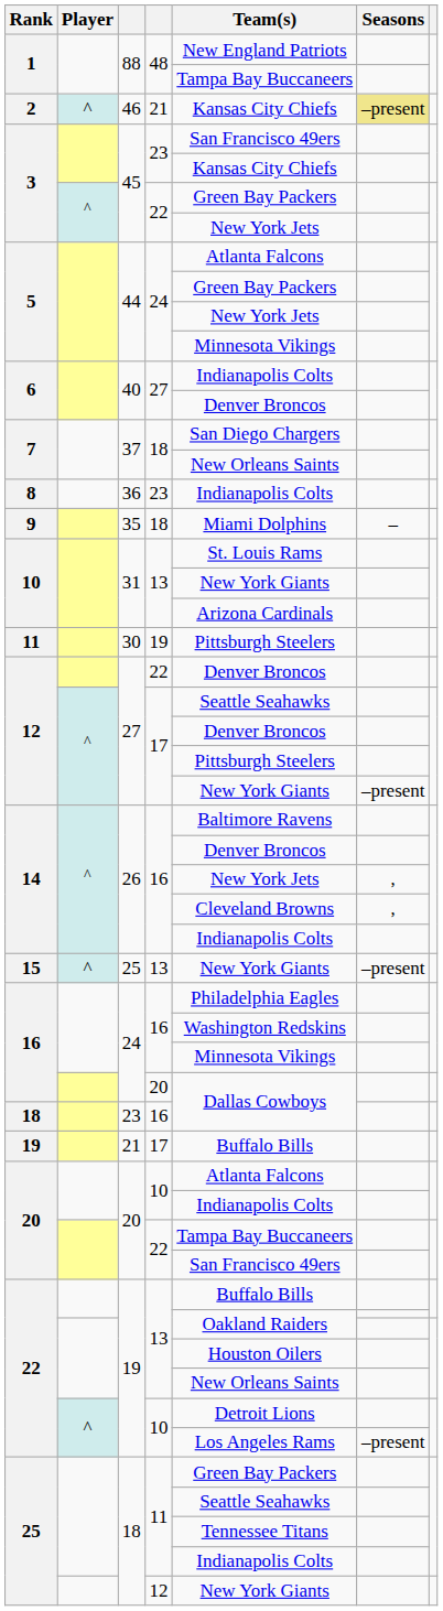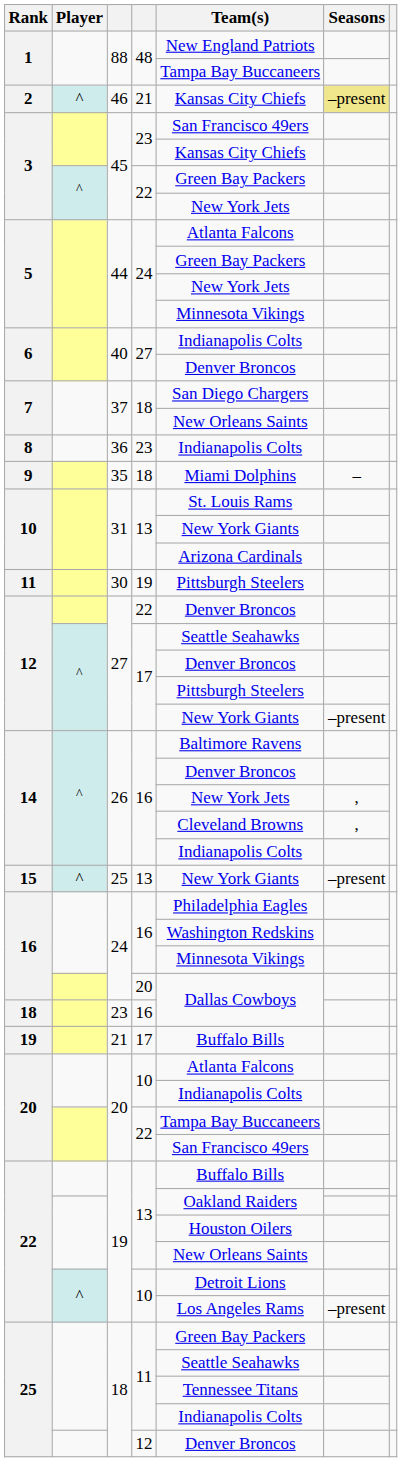 <table class="wikitable sortable" style="text-align:center;">
 <tr>
 <th scope=col>Rank</th>
 <th scope=col>Player</th>
 <th scope=col></th>
 <th scope=col></th>
 <th scope=col>Team(s)</th>
 <th scope=col>Seasons</th>
 <th scope=col class="unsortable"></th>
 </tr>
 <tr>
 <th scope="rowgroup" rowspan="2">1</th>
 <td rowspan="2"></td>
 <td rowspan="2">88</td>
 <td rowspan="2">48</td>
 <td><a href='#'>New England Patriots</a></td>
 <td></td>
 <td rowspan="2"></td>
 </tr>
 <tr>
 <td><a href='#'>Tampa Bay Buccaneers</a></td>
 <td></td>
 </tr>
 <tr>
 <th scope=row>2</th>
 <td style="background:#cfecec;">^</td>
 <td>46</td>
 <td>21</td>
 <td><a href='#'>Kansas City Chiefs</a></td>
 <td style="background: khaki;">–present</td>
 <td></td>
 </tr>
 <tr>
 <th scope=rowgroup rowspan=4>3</th>
 <td rowspan="2" style="background:#FFFF99;"></td>
 <td rowspan=4>45</td>
 <td rowspan="2">23</td>
 <td><a href='#'>San Francisco 49ers</a></td>
 <td></td>
 <td rowspan="2"></td>
 </tr>
 <tr>
 <td><a href='#'>Kansas City Chiefs</a></td>
 <td></td>
 </tr>
 <tr>
 <td rowspan="2" style="background:#cfecec;"><sup>^</sup></td>
 <td rowspan="2">22</td>
 <td><a href='#'>Green Bay Packers</a></td>
 <td></td>
 <td rowspan="2"></td>
 </tr>
 <tr>
 <td><a href='#'>New York Jets</a></td>
 <td></td>
 </tr>
 <tr>
 <th scope="rowgroup" rowspan=4>5</th>
 <td rowspan=4 style="background:#FFFF99;"></td>
 <td rowspan=4>44</td>
 <td rowspan="4">24</td>
 <td><a href='#'>Atlanta Falcons</a></td>
 <td></td>
 <td rowspan="4"></td>
 </tr>
 <tr>
 <td><a href='#'>Green Bay Packers</a></td>
 <td></td>
 </tr>
 <tr>
 <td><a href='#'>New York Jets</a></td>
 <td></td>
 </tr>
 <tr>
 <td><a href='#'>Minnesota Vikings</a></td>
 <td></td>
 </tr>
 <tr>
 <th scope="rowgroup" rowspan="2">6</th>
 <td rowspan="2" style="background:#FFFF99;"></td>
 <td rowspan="2">40</td>
 <td rowspan="2">27</td>
 <td><a href='#'>Indianapolis Colts</a></td>
 <td></td>
 <td rowspan="2"></td>
 </tr>
 <tr>
 <td><a href='#'>Denver Broncos</a></td>
 <td></td>
 </tr>
 <tr>
 <th scope="rowgroup" rowspan="2">7</th>
 <td rowspan="2"></td>
 <td rowspan="2">37</td>
 <td rowspan="2">18</td>
 <td><a href='#'>San Diego Chargers</a></td>
 <td></td>
 <td rowspan="2"></td>
 </tr>
 <tr>
 <td><a href='#'>New Orleans Saints</a></td>
 <td></td>
 </tr>
 <tr>
 <th scope="row">8</th>
 <td></td>
 <td>36</td>
 <td>23</td>
 <td><a href='#'>Indianapolis Colts</a></td>
 <td></td>
 <td></td>
 </tr>
 <tr>
 <th scope="row">9</th>
 <td style="background:#FFFF99;"></td>
 <td>35</td>
 <td>18</td>
 <td><a href='#'>Miami Dolphins</a></td>
 <td>–</td>
 <td></td>
 </tr>
 <tr>
 <th scope="rowgroup" rowspan="3">10</th>
 <td style="background:#FFFF99;" rowspan="3"></td>
 <td rowspan="3">31</td>
 <td rowspan="3">13</td>
 <td><a href='#'>St. Louis Rams</a></td>
 <td></td>
 <td rowspan="3"></td>
 </tr>
 <tr>
 <td><a href='#'>New York Giants</a></td>
 <td></td>
 </tr>
 <tr>
 <td><a href='#'>Arizona Cardinals</a></td>
 <td></td>
 </tr>
 <tr>
 <th scope="row">11</th>
 <td style="background:#FFFF99;"></td>
 <td>30</td>
 <td>19</td>
 <td><a href='#'>Pittsburgh Steelers</a></td>
 <td></td>
 <td></td>
 </tr>
 <tr>
 <th scope=rowgroup rowspan=5>12</th>
 <td style="background:#FFFF99;"></td>
 <td rowspan=5>27</td>
 <td>22</td>
 <td><a href='#'>Denver Broncos</a></td>
 <td></td>
 <td></td>
 </tr>
 <tr>
 <td rowspan=4 style="background:#cfecec;"><sup>^</sup></td>
 <td rowspan=4>17</td>
 <td><a href='#'>Seattle Seahawks</a></td>
 <td></td>
 <td rowspan=4></td>
 </tr>
 <tr>
 <td><a href='#'>Denver Broncos</a></td>
 <td></td>
 </tr>
 <tr>
 <td><a href='#'>Pittsburgh Steelers</a></td>
 <td></td>
 </tr>
 <tr>
 <td><a href='#'>New York Giants</a></td>
 <td>–present</td>
 </tr>
 <tr>
 <th scope="rowgroup" rowspan="5">14</th>
 <td rowspan="5" style="background:#cfecec;"><sup>^</sup></td>
 <td rowspan="5">26</td>
 <td rowspan="5">16</td>
 <td><a href='#'>Baltimore Ravens</a></td>
 <td></td>
 <td rowspan="5"></td>
 </tr>
 <tr>
 <td><a href='#'>Denver Broncos</a></td>
 <td></td>
 </tr>
 <tr>
 <td><a href='#'>New York Jets</a></td>
 <td>, </td>
 </tr>
 <tr>
 <td><a href='#'>Cleveland Browns</a></td>
 <td>, </td>
 </tr>
 <tr>
 <td><a href='#'>Indianapolis Colts</a></td>
 <td></td>
 </tr>
 <tr>
 <th scope=row>15</th>
 <td style="background:#cfecec;">^</td>
 <td>25</td>
 <td>13</td>
 <td><a href='#'>New York Giants</a></td>
 <td>–present</td>
 <td></td>
 </tr>
 <tr>
 <th scope="rowgroup" rowspan="4">16</th>
 <td rowspan="3"></td>
 <td rowspan=4>24</td>
 <td rowspan=3>16</td>
 <td><a href='#'>Philadelphia Eagles</a></td>
 <td></td>
 <td rowspan="3"></td>
 </tr>
 <tr>
 <td><a href='#'>Washington Redskins</a></td>
 <td></td>
 </tr>
 <tr>
 <td><a href='#'>Minnesota Vikings</a></td>
 <td></td>
 </tr>
 <tr>
 <td style="background:#FFFF99;"></td>
 <td>20</td>
 <td rowspan=2><a href='#'>Dallas Cowboys</a></td>
 <td></td>
 <td></td>
 </tr>
 <tr>
 <th scope=row>18</th>
 <td style="background:#FFFF99;"></td>
 <td>23</td>
 <td>16</td>
 <td></td>
 <td></td>
 </tr>
 <tr>
 <th scope=row>19</th>
 <td style="background:#FFFF99;"></td>
 <td>21</td>
 <td>17</td>
 <td><a href='#'>Buffalo Bills</a></td>
 <td></td>
 <td></td>
 </tr>
 <tr>
 <th scope=rowgroup rowspan="4">20</th>
 <td rowspan="2"></td>
 <td rowspan="4">20</td>
 <td rowspan="2">10</td>
 <td><a href='#'>Atlanta Falcons</a></td>
 <td></td>
 <td rowspan="2"></td>
 </tr>
 <tr>
 <td><a href='#'>Indianapolis Colts</a></td>
 <td></td>
 </tr>
 <tr>
 <td rowspan="2" style="background:#FFFF99;"></td>
 <td rowspan="2">22</td>
 <td><a href='#'>Tampa Bay Buccaneers</a></td>
 <td></td>
 <td rowspan="2"></td>
 </tr>
 <tr>
 <td><a href='#'>San Francisco 49ers</a></td>
 <td></td>
 </tr>
 <tr>
 <th scope="rowgroup" rowspan=7>22</th>
 <td rowspan="2"></td>
 <td rowspan="7">19</td>
 <td rowspan="5">13</td>
 <td><a href='#'>Buffalo Bills</a></td>
 <td></td>
 <td rowspan="2"></td>
 </tr>
 <tr>
 <td rowspan=2><a href='#'>Oakland Raiders</a></td>
 <td></td>
 </tr>
 <tr>
 <td rowspan="3"></td>
 <td></td>
 <td rowspan="3"></td>
 </tr>
 <tr>
 <td><a href='#'>Houston Oilers</a></td>
 <td></td>
 </tr>
 <tr>
 <td><a href='#'>New Orleans Saints</a></td>
 <td></td>
 </tr>
 <tr>
 <td rowspan=2 style="background:#cfecec;">^</td>
 <td rowspan=2>10</td>
 <td><a href='#'>Detroit Lions</a></td>
 <td></td>
 <td rowspan=2></td>
 </tr>
 <tr>
 <td><a href='#'>Los Angeles Rams</a></td>
 <td>–present</td>
 </tr>
 <tr>
 <th scope="rowgroup" rowspan="5">25</th>
 <td rowspan="4"></td>
 <td rowspan="5">18</td>
 <td rowspan="4">11</td>
 <td><a href='#'>Green Bay Packers</a></td>
 <td></td>
 <td rowspan="4"></td>
 </tr>
 <tr>
 <td><a href='#'>Seattle Seahawks</a></td>
 <td></td>
 </tr>
 <tr>
 <td><a href='#'>Tennessee Titans</a></td>
 <td></td>
 </tr>
 <tr>
 <td><a href='#'>Indianapolis Colts</a></td>
 <td></td>
 </tr>
 <tr>
 <td></td>
 <td>12</td>
-<td><a href='#'>New York Giants</a></td>
+<td><a href='#'>Denver Broncos</a></td>
 <td></td>
 <td></td>
 </tr>
 </table>
